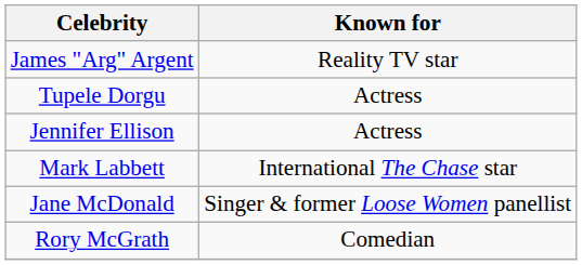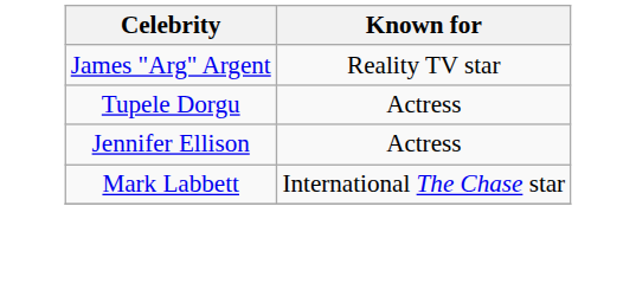 <table class="wikitable unsortable" style="text-align:center; margin:auto; width-height:100%;">
 <tr>
 <th scope="col">Celebrity</th>
 <th scope="col">Known for</th>
 </tr>
 <tr>
 <td><a href='#'>James "Arg" Argent</a></td>
 <td>Reality TV star</td>
 </tr>
 <tr>
 <td><a href='#'>Tupele Dorgu</a></td>
 <td>Actress</td>
 </tr>
 <tr>
 <td><a href='#'>Jennifer Ellison</a></td>
 <td>Actress</td>
 </tr>
 <tr>
 <td><a href='#'>Mark Labbett</a></td>
 <td>International <em><a href='#'>The Chase</a></em> star</td>
 </tr>
 <tr>
-<td><a href='#'>Jane McDonald</a></td>
-<td>Singer & former <em><a href='#'>Loose Women</a></em> panellist</td>
-</tr>
-<tr>
-<td><a href='#'>Rory McGrath</a></td>
-<td>Comedian</td>
-</tr>
-<tr>
 </tr>
 </table>
